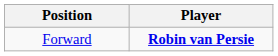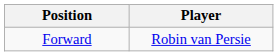 <table class="wikitable" style="text-align:center">
 <tr>
 <th>Position</th>
 <th>Player</th>
 </tr>
 <tr>
 <td width="130"><a href='#'>Forward</a></td>
-<td width="150"><strong> <a href='#'>Robin van Persie</a></strong></td>
+<td width="150"> <a href='#'>Robin van Persie</a></td>
 </tr>
 </table>
